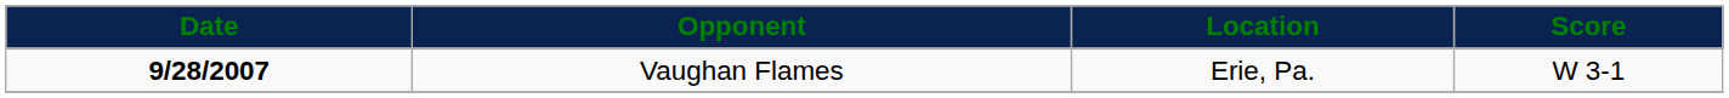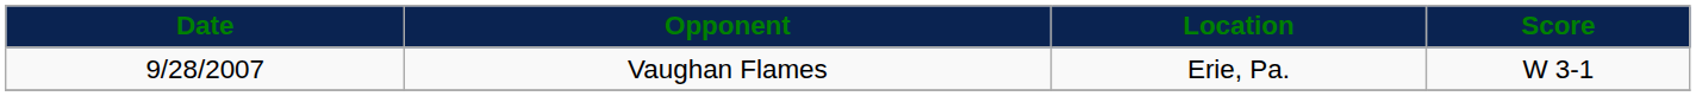 <table class="wikitable" width="80%">
 <tr align="center"  style="background:#0a2351;color:green;">
 <td><strong>Date</strong></td>
 <td><strong>Opponent</strong></td>
 <td><strong>Location</strong></td>
 <td><strong>Score</strong></td>
 </tr>
 <tr align="center" bgcolor="">
-<td><strong>9/28/2007</strong></td>
+<td>9/28/2007</td>
 <td>Vaughan Flames</td>
 <td>Erie, Pa.</td>
 <td>W 3-1</td>
 </tr>
 <tr align="center" bgcolor="">
 </tr>
 </table>
